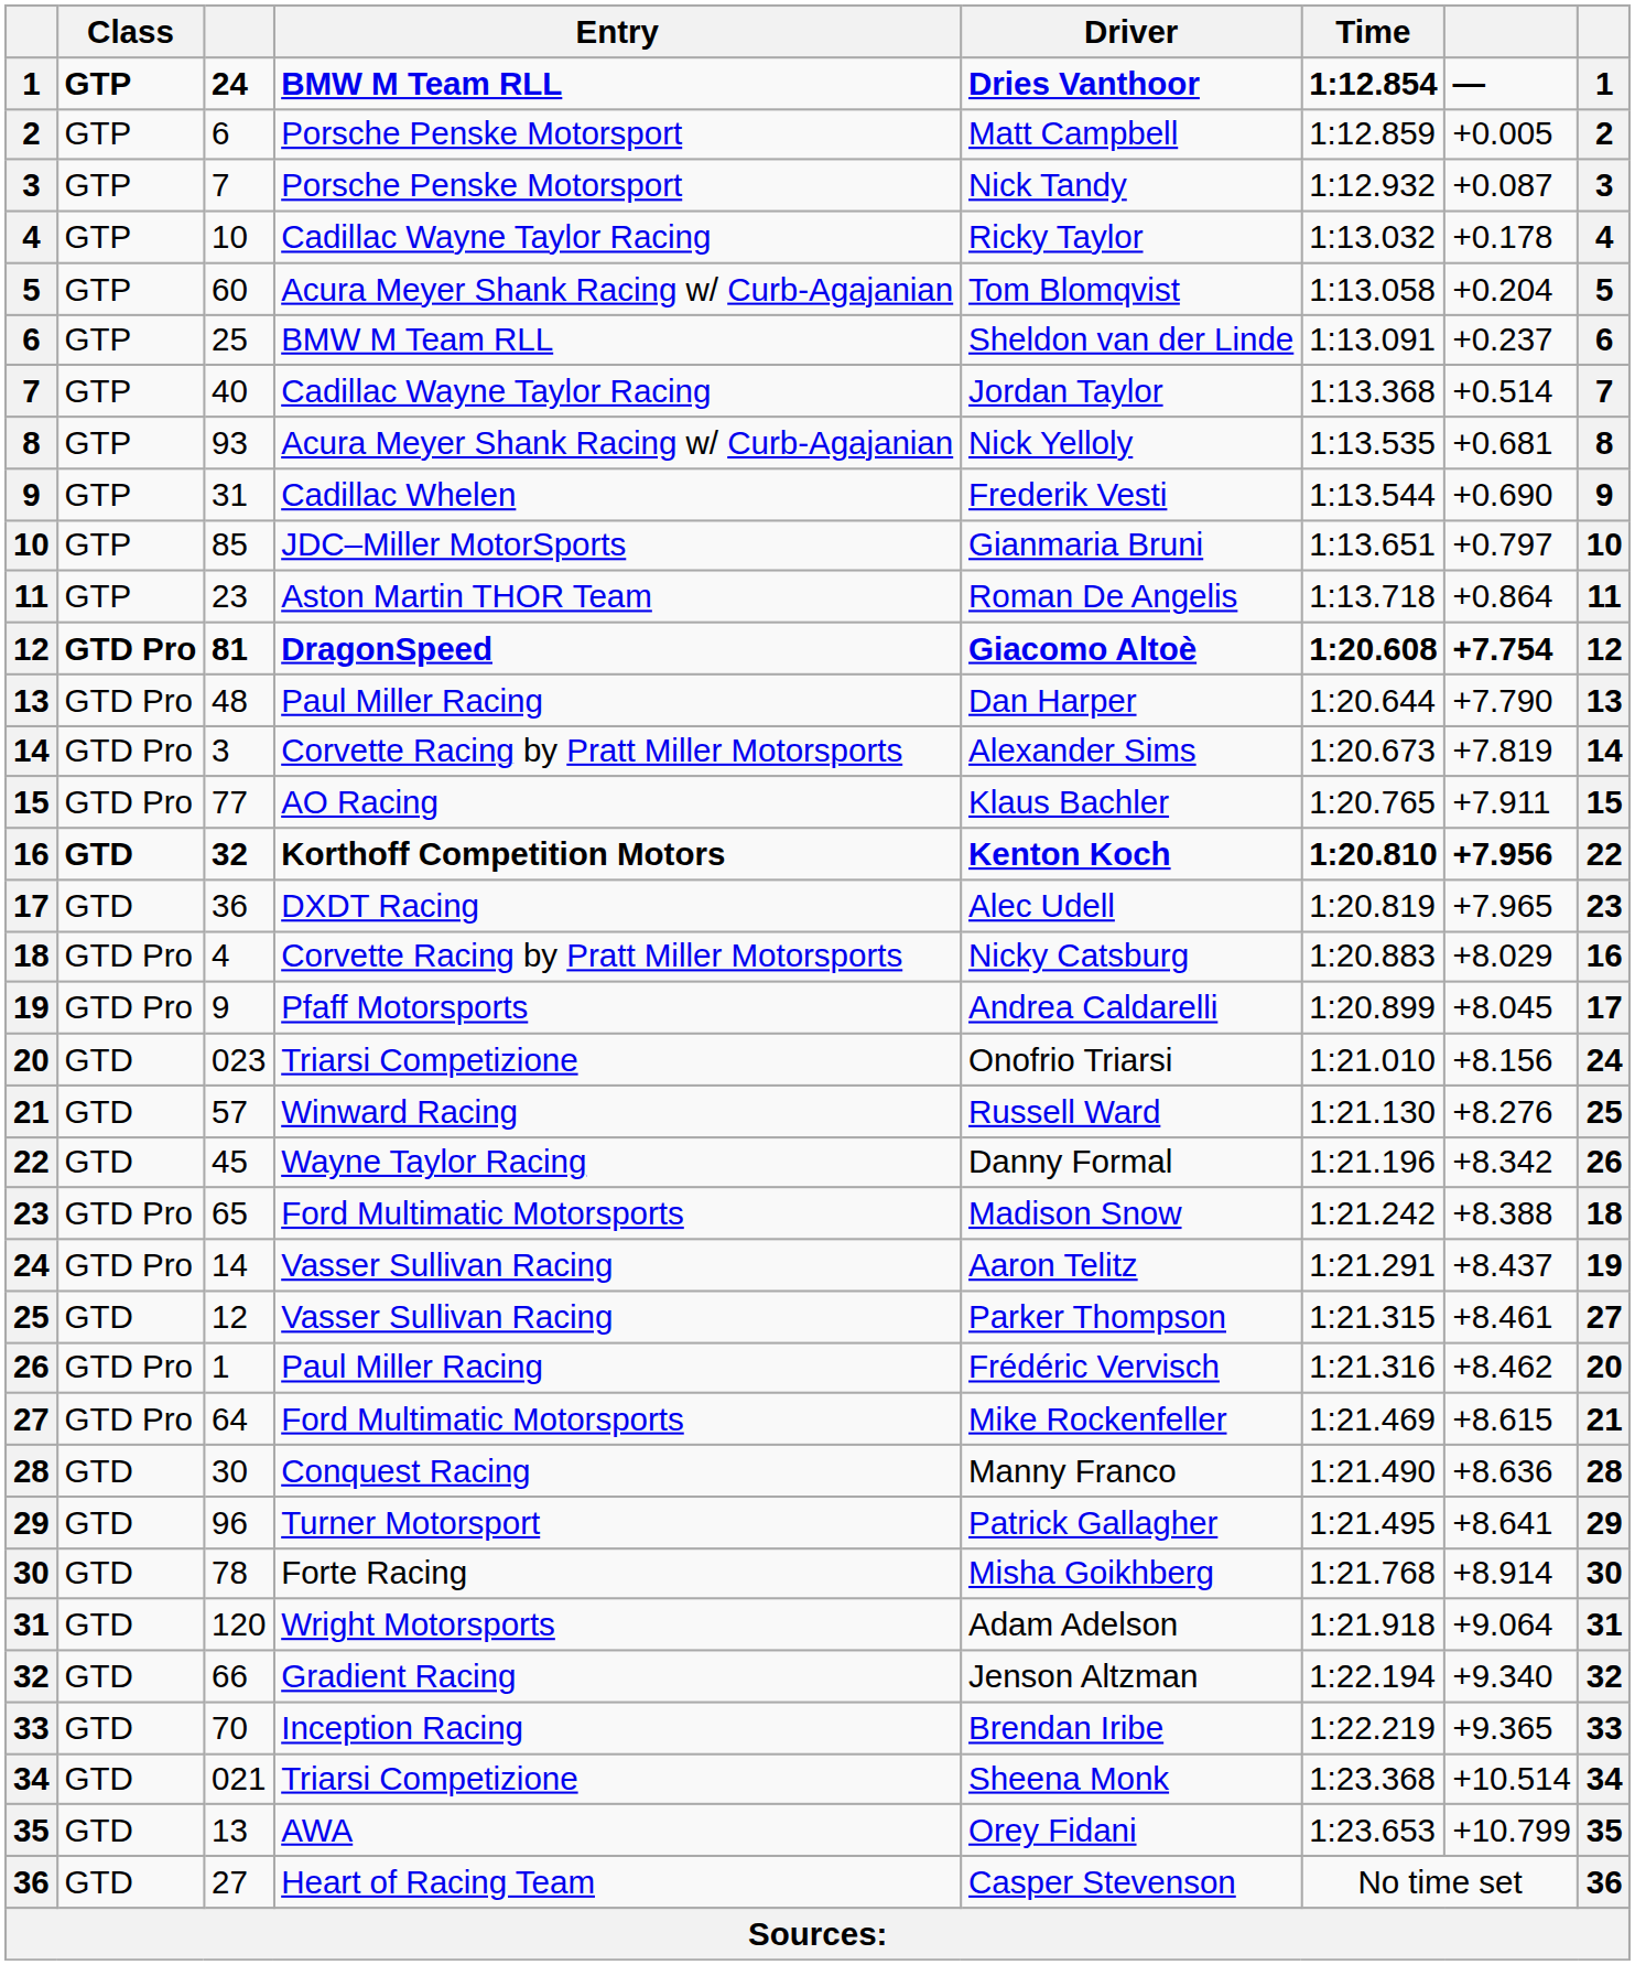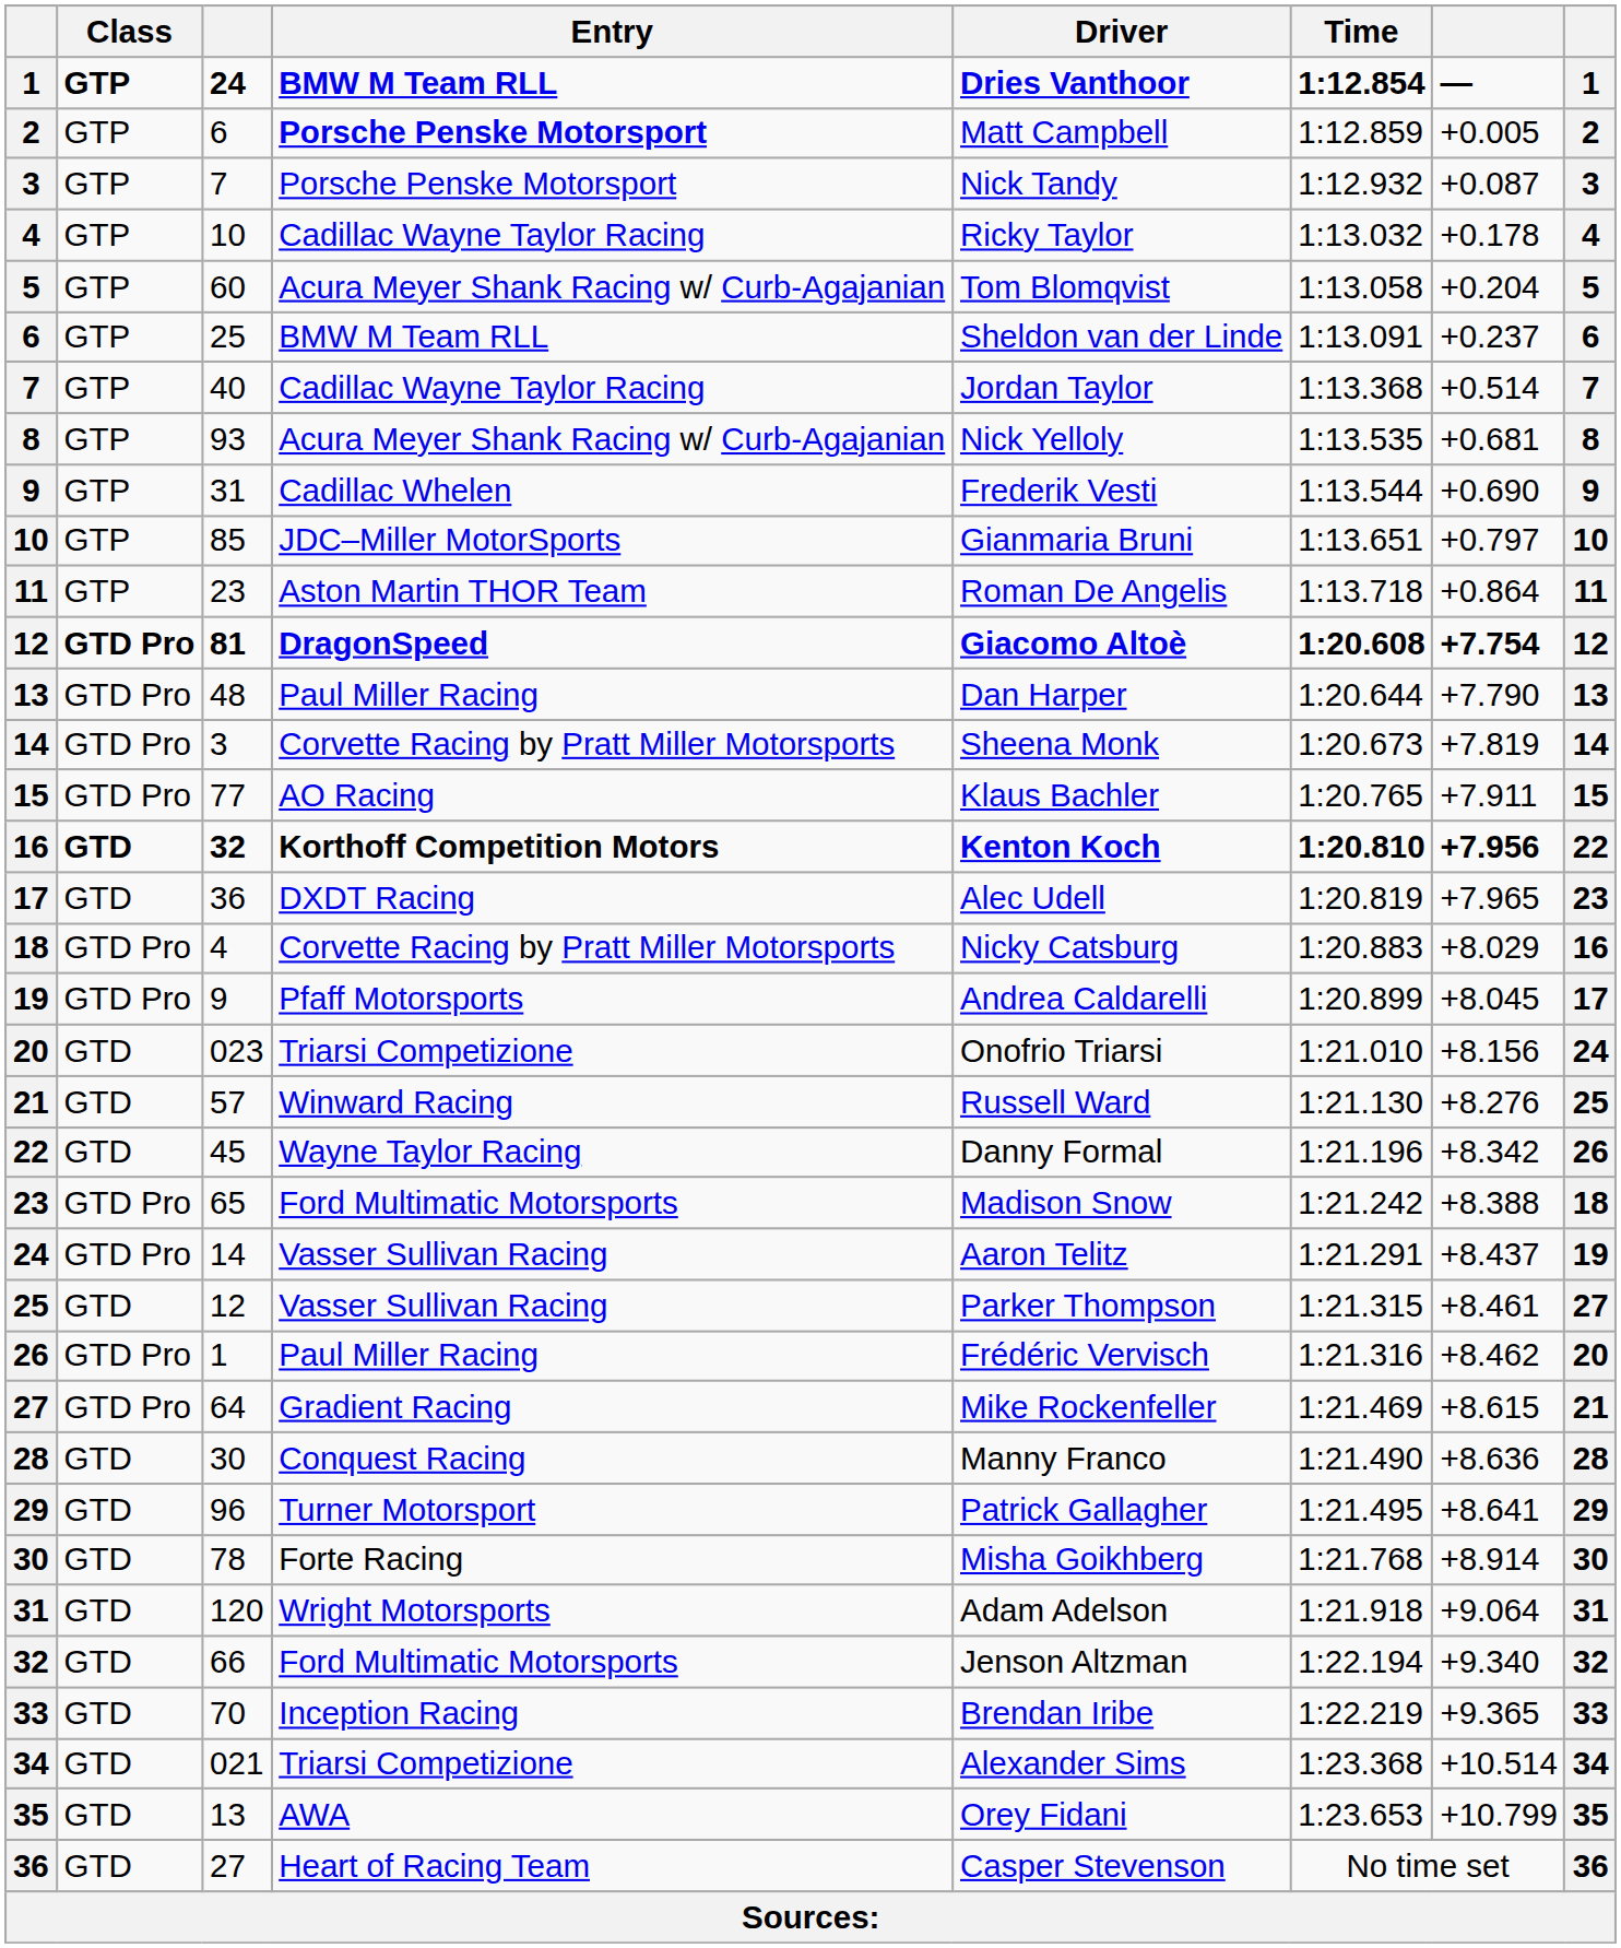 <table class="wikitable sortable" style="font-size:90%;">
 <tr>
 <th></th>
 <th class="unsortable">Class</th>
 <th class="unsortable"></th>
 <th class="unsortable">Entry</th>
 <th class="unsortable">Driver</th>
 <th class="unsortable">Time</th>
 <th class="unsortable"></th>
 <th></th>
 </tr>
 <tr style="font-weight:bold;">
 <th>1</th>
 <td>GTP</td>
 <td>24</td>
 <td> <a href='#'>BMW M Team RLL</a></td>
 <td> <a href='#'>Dries Vanthoor</a></td>
 <td>1:12.854</td>
 <td>—</td>
 <th>1</th>
 </tr>
 <tr>
 <th>2</th>
 <td>GTP</td>
 <td>6</td>
-<td> <a href='#'>Porsche Penske Motorsport</a></td>
+<td><strong> <a href='#'>Porsche Penske Motorsport</a></strong></td>
 <td> <a href='#'>Matt Campbell</a></td>
 <td>1:12.859</td>
 <td>+0.005</td>
 <th>2</th>
 </tr>
 <tr>
 <th>3</th>
 <td>GTP</td>
 <td>7</td>
 <td> <a href='#'>Porsche Penske Motorsport</a></td>
 <td> <a href='#'>Nick Tandy</a></td>
 <td>1:12.932</td>
 <td>+0.087</td>
 <th>3</th>
 </tr>
 <tr>
 <th>4</th>
 <td>GTP</td>
 <td>10</td>
 <td> <a href='#'>Cadillac Wayne Taylor Racing</a></td>
 <td> <a href='#'>Ricky Taylor</a></td>
 <td>1:13.032</td>
 <td>+0.178</td>
 <th>4</th>
 </tr>
 <tr>
 <th>5</th>
 <td>GTP</td>
 <td>60</td>
 <td> <a href='#'>Acura Meyer Shank Racing</a> w/ <a href='#'>Curb-Agajanian</a></td>
 <td> <a href='#'>Tom Blomqvist</a></td>
 <td>1:13.058</td>
 <td>+0.204</td>
 <th>5</th>
 </tr>
 <tr>
 <th>6</th>
 <td>GTP</td>
 <td>25</td>
 <td> <a href='#'>BMW M Team RLL</a></td>
 <td> <a href='#'>Sheldon van der Linde</a></td>
 <td>1:13.091</td>
 <td>+0.237</td>
 <th>6</th>
 </tr>
 <tr>
 <th>7</th>
 <td>GTP</td>
 <td>40</td>
 <td> <a href='#'>Cadillac Wayne Taylor Racing</a></td>
 <td> <a href='#'>Jordan Taylor</a></td>
 <td>1:13.368</td>
 <td>+0.514</td>
 <th>7</th>
 </tr>
 <tr>
 <th>8</th>
 <td>GTP</td>
 <td>93</td>
 <td> <a href='#'>Acura Meyer Shank Racing</a> w/ <a href='#'>Curb-Agajanian</a></td>
 <td> <a href='#'>Nick Yelloly</a></td>
 <td>1:13.535</td>
 <td>+0.681</td>
 <th>8</th>
 </tr>
 <tr>
 <th>9</th>
 <td>GTP</td>
 <td>31</td>
 <td> <a href='#'>Cadillac Whelen</a></td>
 <td> <a href='#'>Frederik Vesti</a></td>
 <td>1:13.544</td>
 <td>+0.690</td>
 <th>9</th>
 </tr>
 <tr>
 <th>10</th>
 <td>GTP</td>
 <td>85</td>
 <td> <a href='#'>JDC–Miller MotorSports</a></td>
 <td> <a href='#'>Gianmaria Bruni</a></td>
 <td>1:13.651</td>
 <td>+0.797</td>
 <th>10</th>
 </tr>
 <tr>
 <th>11</th>
 <td>GTP</td>
 <td>23</td>
 <td> <a href='#'>Aston Martin THOR Team</a></td>
 <td> <a href='#'>Roman De Angelis</a></td>
 <td>1:13.718</td>
 <td>+0.864</td>
 <th>11</th>
 </tr>
 <tr style="font-weight:bold;">
 <th>12</th>
 <td>GTD Pro</td>
 <td>81</td>
 <td> <a href='#'>DragonSpeed</a></td>
 <td> <a href='#'>Giacomo Altoè</a></td>
 <td>1:20.608</td>
 <td>+7.754</td>
 <th>12</th>
 </tr>
 <tr>
 <th>13</th>
 <td>GTD Pro</td>
 <td>48</td>
 <td> <a href='#'>Paul Miller Racing</a></td>
 <td> <a href='#'>Dan Harper</a></td>
 <td>1:20.644</td>
 <td>+7.790</td>
 <th>13</th>
 </tr>
 <tr>
 <th>14</th>
 <td>GTD Pro</td>
 <td>3</td>
 <td> <a href='#'>Corvette Racing</a> by <a href='#'>Pratt Miller Motorsports</a></td>
-<td> <a href='#'>Alexander Sims</a></td>
+<td> <a href='#'>Sheena Monk</a></td>
 <td>1:20.673</td>
 <td>+7.819</td>
 <th>14</th>
 </tr>
 <tr>
 <th>15</th>
 <td>GTD Pro</td>
 <td>77</td>
 <td> <a href='#'>AO Racing</a></td>
 <td> <a href='#'>Klaus Bachler</a></td>
 <td>1:20.765</td>
 <td>+7.911</td>
 <th>15</th>
 </tr>
 <tr style="font-weight:bold;">
 <th>16</th>
 <td>GTD</td>
 <td>32</td>
 <td> Korthoff Competition Motors</td>
 <td> <a href='#'>Kenton Koch</a></td>
 <td>1:20.810</td>
 <td>+7.956</td>
 <th>22</th>
 </tr>
 <tr>
 <th>17</th>
 <td>GTD</td>
 <td>36</td>
 <td> <a href='#'>DXDT Racing</a></td>
 <td> <a href='#'>Alec Udell</a></td>
 <td>1:20.819</td>
 <td>+7.965</td>
 <th>23</th>
 </tr>
 <tr>
 <th>18</th>
 <td>GTD Pro</td>
 <td>4</td>
 <td> <a href='#'>Corvette Racing</a> by <a href='#'>Pratt Miller Motorsports</a></td>
 <td> <a href='#'>Nicky Catsburg</a></td>
 <td>1:20.883</td>
 <td>+8.029</td>
 <th>16</th>
 </tr>
 <tr>
 <th>19</th>
 <td>GTD Pro</td>
 <td>9</td>
 <td> <a href='#'>Pfaff Motorsports</a></td>
 <td> <a href='#'>Andrea Caldarelli</a></td>
 <td>1:20.899</td>
 <td>+8.045</td>
 <th>17</th>
 </tr>
 <tr>
 <th>20</th>
 <td>GTD</td>
 <td>023</td>
 <td> <a href='#'>Triarsi Competizione</a></td>
 <td> Onofrio Triarsi</td>
 <td>1:21.010</td>
 <td>+8.156</td>
 <th>24</th>
 </tr>
 <tr>
 <th>21</th>
 <td>GTD</td>
 <td>57</td>
 <td> <a href='#'>Winward Racing</a></td>
 <td> <a href='#'>Russell Ward</a></td>
 <td>1:21.130</td>
 <td>+8.276</td>
 <th>25</th>
 </tr>
 <tr>
 <th>22</th>
 <td>GTD</td>
 <td>45</td>
 <td> <a href='#'>Wayne Taylor Racing</a></td>
 <td> Danny Formal</td>
 <td>1:21.196</td>
 <td>+8.342</td>
 <th>26</th>
 </tr>
 <tr>
 <th>23</th>
 <td>GTD Pro</td>
 <td>65</td>
 <td> <a href='#'>Ford Multimatic Motorsports</a></td>
 <td> <a href='#'>Madison Snow</a></td>
 <td>1:21.242</td>
 <td>+8.388</td>
 <th>18</th>
 </tr>
 <tr>
 <th>24</th>
 <td>GTD Pro</td>
 <td>14</td>
 <td> <a href='#'>Vasser Sullivan Racing</a></td>
 <td> <a href='#'>Aaron Telitz</a></td>
 <td>1:21.291</td>
 <td>+8.437</td>
 <th>19</th>
 </tr>
 <tr>
 <th>25</th>
 <td>GTD</td>
 <td>12</td>
 <td> <a href='#'>Vasser Sullivan Racing</a></td>
 <td> <a href='#'>Parker Thompson</a></td>
 <td>1:21.315</td>
 <td>+8.461</td>
 <th>27</th>
 </tr>
 <tr>
 <th>26</th>
 <td>GTD Pro</td>
 <td>1</td>
 <td> <a href='#'>Paul Miller Racing</a></td>
 <td> <a href='#'>Frédéric Vervisch</a></td>
 <td>1:21.316</td>
 <td>+8.462</td>
 <th>20</th>
 </tr>
 <tr>
 <th>27</th>
 <td>GTD Pro</td>
 <td>64</td>
-<td> <a href='#'>Ford Multimatic Motorsports</a></td>
+<td> <a href='#'>Gradient Racing</a></td>
 <td> <a href='#'>Mike Rockenfeller</a></td>
 <td>1:21.469</td>
 <td>+8.615</td>
 <th>21</th>
 </tr>
 <tr>
 <th>28</th>
 <td>GTD</td>
 <td>30</td>
 <td> <a href='#'>Conquest Racing</a></td>
 <td> Manny Franco</td>
 <td>1:21.490</td>
 <td>+8.636</td>
 <th>28</th>
 </tr>
 <tr>
 <th>29</th>
 <td>GTD</td>
 <td>96</td>
 <td> <a href='#'>Turner Motorsport</a></td>
 <td> <a href='#'>Patrick Gallagher</a></td>
 <td>1:21.495</td>
 <td>+8.641</td>
 <th>29</th>
 </tr>
 <tr>
 <th>30</th>
 <td>GTD</td>
 <td>78</td>
 <td> Forte Racing</td>
 <td> <a href='#'>Misha Goikhberg</a></td>
 <td>1:21.768</td>
 <td>+8.914</td>
 <th>30</th>
 </tr>
 <tr>
 <th>31</th>
 <td>GTD</td>
 <td>120</td>
 <td> <a href='#'>Wright Motorsports</a></td>
 <td> Adam Adelson</td>
 <td>1:21.918</td>
 <td>+9.064</td>
 <th>31</th>
 </tr>
 <tr>
 <th>32</th>
 <td>GTD</td>
 <td>66</td>
-<td> <a href='#'>Gradient Racing</a></td>
+<td> <a href='#'>Ford Multimatic Motorsports</a></td>
 <td> Jenson Altzman</td>
 <td>1:22.194</td>
 <td>+9.340</td>
 <th>32</th>
 </tr>
 <tr>
 <th>33</th>
 <td>GTD</td>
 <td>70</td>
 <td> <a href='#'>Inception Racing</a></td>
 <td> <a href='#'>Brendan Iribe</a></td>
 <td>1:22.219</td>
 <td>+9.365</td>
 <th>33</th>
 </tr>
 <tr>
 <th>34</th>
 <td>GTD</td>
 <td>021</td>
 <td> <a href='#'>Triarsi Competizione</a></td>
-<td> <a href='#'>Sheena Monk</a></td>
+<td> <a href='#'>Alexander Sims</a></td>
 <td>1:23.368</td>
 <td>+10.514</td>
 <th>34</th>
 </tr>
 <tr>
 <th>35</th>
 <td>GTD</td>
 <td>13</td>
 <td> <a href='#'>AWA</a></td>
 <td> <a href='#'>Orey Fidani</a></td>
 <td>1:23.653</td>
 <td>+10.799</td>
 <th>35</th>
 </tr>
 <tr>
 <th>36</th>
 <td>GTD</td>
 <td>27</td>
 <td> <a href='#'>Heart of Racing Team</a></td>
 <td> <a href='#'>Casper Stevenson</a></td>
 <td colspan=2 align=center>No time set</td>
 <th>36</th>
 </tr>
 <tr>
 <th colspan=8>Sources:</th>
 </tr>
 </table>
